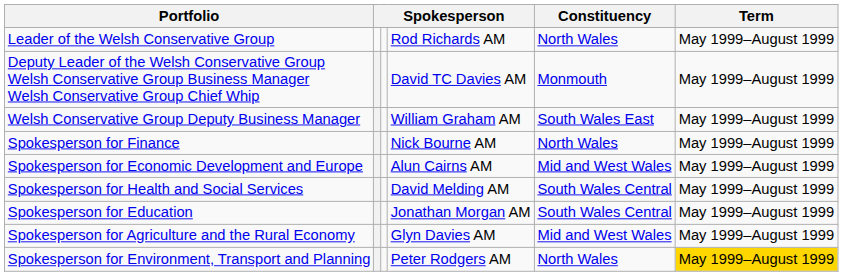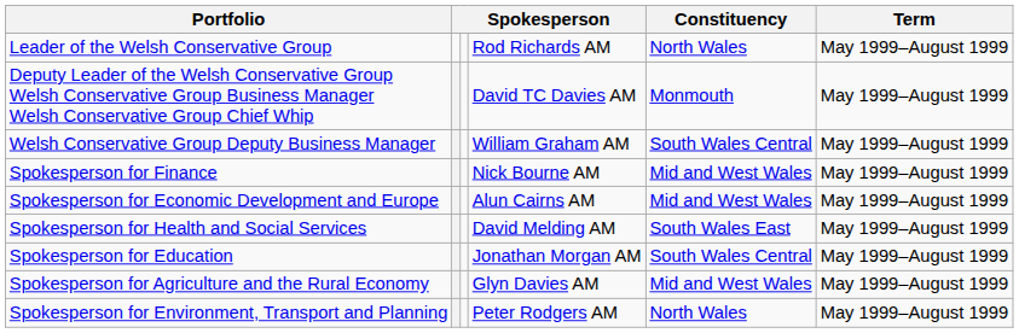 <table class="wikitable">
 <tr>
 <th colspan="1">Portfolio</th>
 <th colspan="3">Spokesperson</th>
 <th colspan="1">Constituency</th>
 <th colspan="1">Term</th>
 </tr>
 <tr>
 <td><a href='#'>Leader of the Welsh Conservative Group</a></td>
 <td style="background: "></td>
 <td></td>
 <td><a href='#'>Rod Richards</a> AM</td>
 <td><a href='#'>North Wales</a></td>
 <td>May 1999–August 1999</td>
 </tr>
 <tr>
 <td><a href='#'>Deputy Leader of the Welsh Conservative Group</a><br><a href='#'>Welsh Conservative Group Business Manager</a><br><a href='#'>Welsh Conservative Group Chief Whip</a></td>
 <th style="background: "></th>
 <td></td>
 <td><a href='#'>David TC Davies</a> AM</td>
 <td><a href='#'>Monmouth</a></td>
 <td>May 1999–August 1999</td>
 </tr>
 <tr>
 <td><a href='#'>Welsh Conservative Group Deputy Business Manager</a></td>
 <th style="background-color: "></th>
 <td></td>
 <td><a href='#'>William Graham</a> AM</td>
-<td><a href='#'>South Wales East</a></td>
+<td><a href='#'>South Wales Central</a></td>
 <td>May 1999–August 1999</td>
 </tr>
 <tr>
 <td><a href='#'>Spokesperson for Finance</a></td>
 <th style="background-color: "></th>
 <td></td>
 <td><a href='#'>Nick Bourne</a> AM</td>
-<td><a href='#'>North Wales</a></td>
+<td><a href='#'>Mid and West Wales</a></td>
 <td>May 1999–August 1999</td>
 </tr>
 <tr>
 <td><a href='#'>Spokesperson for Economic Development and Europe</a></td>
 <th style="background-color: "></th>
 <td></td>
 <td><a href='#'>Alun Cairns</a> AM</td>
 <td><a href='#'>Mid and West Wales</a></td>
 <td>May 1999–August 1999</td>
 </tr>
 <tr>
 <td><a href='#'>Spokesperson for Health and Social Services</a></td>
 <th style="background-color: "></th>
 <td></td>
 <td><a href='#'>David Melding</a> AM</td>
-<td><a href='#'>South Wales Central</a></td>
+<td><a href='#'>South Wales East</a></td>
 <td>May 1999–August 1999</td>
 </tr>
 <tr>
 <td><a href='#'>Spokesperson for Education</a></td>
 <th style="background-color: "></th>
 <td></td>
 <td><a href='#'>Jonathan Morgan</a> AM</td>
 <td><a href='#'>South Wales Central</a></td>
 <td>May 1999–August 1999</td>
 </tr>
 <tr>
 <td><a href='#'>Spokesperson for Agriculture and the Rural Economy</a></td>
 <th style="background-color: "></th>
 <td></td>
 <td><a href='#'>Glyn Davies</a> AM</td>
 <td><a href='#'>Mid and West Wales</a></td>
 <td>May 1999–August 1999</td>
 </tr>
 <tr>
 <td><a href='#'>Spokesperson for Environment, Transport and Planning</a></td>
 <th style="background-color: "></th>
 <td></td>
 <td><a href='#'>Peter Rodgers</a> AM</td>
 <td><a href='#'>North Wales</a></td>
-<td style="background: gold;">May 1999–August 1999</td>
+<td>May 1999–August 1999</td>
 </tr>
 </table>
